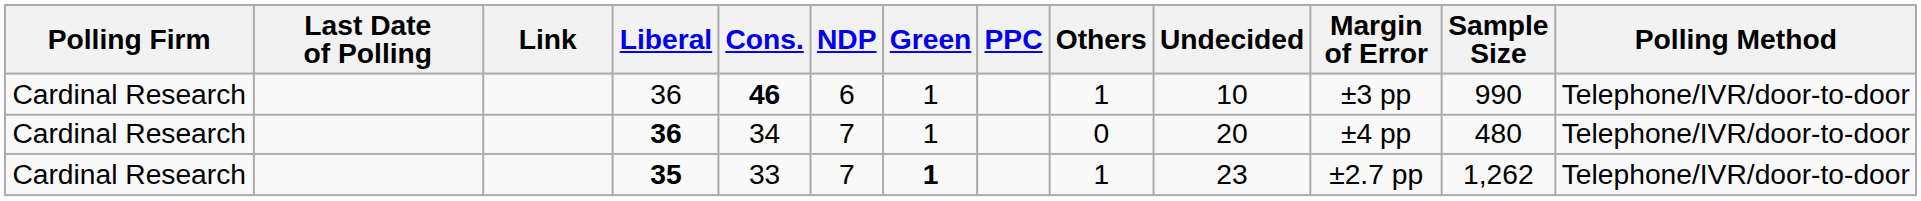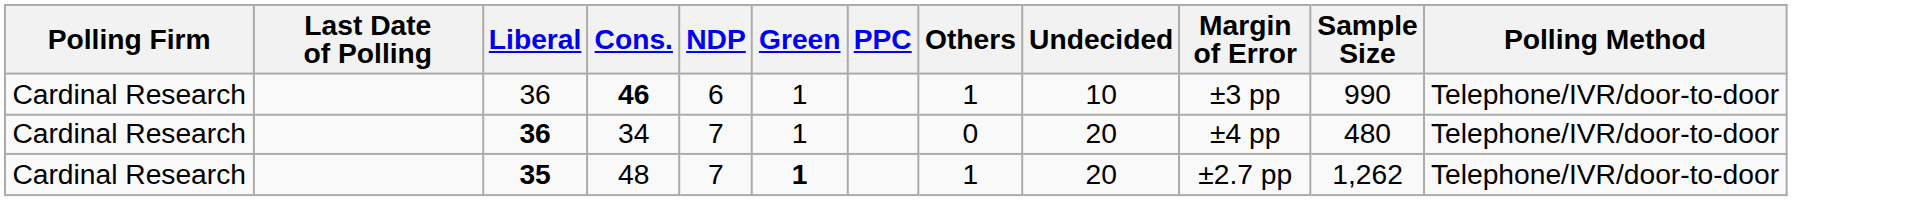 <table class="wikitable sortable" style="text-align:center;font-size:90%;line-height:14px;">
 <tr style="background:#e9e9e9;">
 <th style="width:120px">Polling Firm</th>
 <th style="width:110px">Last Date<br>of Polling</th>
-<th style="width:60px" class="unsortable">Link</th>
 <th style="background-color:"><a href='#'>Liberal</a></th>
 <th style="background-color:"><a href='#'>Cons.</a></th>
 <th style="background-color:"><a href='#'>NDP</a></th>
 <th style="background-color:"><a href='#'>Green</a></th>
 <th style="background-color:"><a href='#'><span>PPC</span></a></th>
 <th style="background-color:">Others</th>
 <th style="background-color:">Undecided</th>
 <th style="width:60px;" class=unsortable>Margin<br>of Error</th>
 <th style="width:50px;" class=unsortable>Sample<br>Size</th>
 <th class=unsortable>Polling Method</th>
 </tr>
 <tr>
 <td>Cardinal Research</td>
-<td></td>
 <td></td>
 <td>36</td>
 <td><strong>46</strong></td>
 <td>6</td>
 <td>1</td>
 <td></td>
 <td>1</td>
 <td>10</td>
 <td>±3 pp</td>
 <td>990</td>
 <td>Telephone/IVR/door-to-door</td>
 </tr>
 <tr>
 <td>Cardinal Research</td>
 <td></td>
-<td></td>
 <td><strong>36</strong></td>
 <td>34</td>
 <td>7</td>
 <td>1</td>
 <td></td>
 <td>0</td>
 <td>20</td>
 <td>±4 pp</td>
 <td>480</td>
 <td>Telephone/IVR/door-to-door</td>
 </tr>
 <tr>
 <td>Cardinal Research</td>
 <td></td>
-<td></td>
 <td><strong>35</strong></td>
-<td>33</td>
+<td>48</td>
 <td>7</td>
 <td><strong>1</strong></td>
 <td></td>
 <td>1</td>
-<td>23</td>
+<td>20</td>
 <td>±2.7 pp</td>
 <td>1,262</td>
 <td>Telephone/IVR/door-to-door</td>
 </tr>
 </table>
